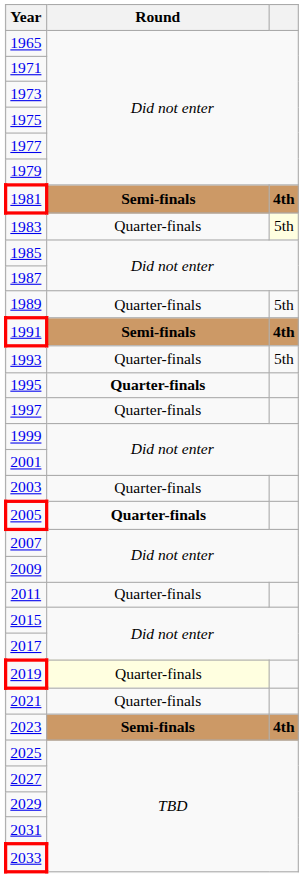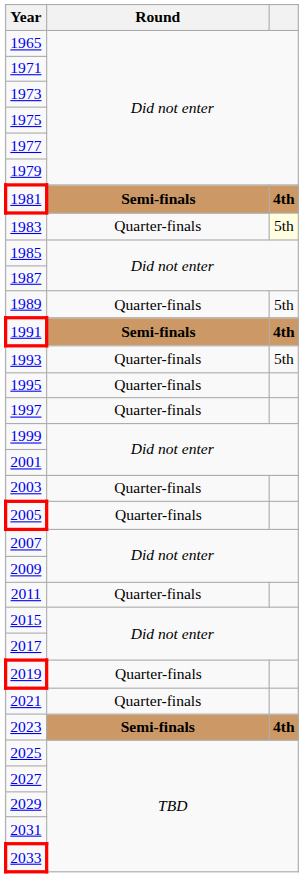 <table class="wikitable" style="text-align: center; font-size:90%">
 <tr>
 <th>Year</th>
 <th style="width:200px">Round</th>
 <th></th>
 </tr>
 <tr>
 <td><a href='#'>1965</a></td>
 <td colspan="2" rowspan="6"><em>Did not enter</em></td>
 </tr>
 <tr>
 <td><a href='#'>1971</a></td>
 </tr>
 <tr>
 <td><a href='#'>1973</a></td>
 </tr>
 <tr>
 <td><a href='#'>1975</a></td>
 </tr>
 <tr>
 <td><a href='#'>1977</a></td>
 </tr>
 <tr>
 <td><a href='#'>1979</a></td>
 </tr>
 <tr>
 <td style="border: 3px solid red"><a href='#'>1981</a></td>
 <td bgcolor="cc9966"><strong>Semi-finals</strong></td>
 <td bgcolor="cc9966"><strong>4th</strong></td>
 </tr>
 <tr>
 <td><a href='#'>1983</a></td>
 <td>Quarter-finals</td>
 <td style="background: lightyellow;">5th</td>
 </tr>
 <tr>
 <td><a href='#'>1985</a></td>
 <td colspan="2" rowspan="2"><em>Did not enter</em></td>
 </tr>
 <tr>
 <td><a href='#'>1987</a></td>
 </tr>
 <tr>
 <td><a href='#'>1989</a></td>
 <td>Quarter-finals</td>
 <td>5th</td>
 </tr>
 <tr>
 <td style="border: 3px solid red"><a href='#'>1991</a></td>
 <td bgcolor="cc9966"><strong>Semi-finals</strong></td>
 <td bgcolor="cc9966"><strong>4th</strong></td>
 </tr>
 <tr>
 <td><a href='#'>1993</a></td>
 <td>Quarter-finals</td>
 <td>5th</td>
 </tr>
 <tr>
 <td><a href='#'>1995</a></td>
-<td><strong>Quarter-finals</strong></td>
+<td>Quarter-finals</td>
 <td></td>
 </tr>
 <tr>
 <td><a href='#'>1997</a></td>
 <td>Quarter-finals</td>
 <td></td>
 </tr>
 <tr>
 <td><a href='#'>1999</a></td>
 <td colspan="2" rowspan="2"><em>Did not enter</em></td>
 </tr>
 <tr>
 <td><a href='#'>2001</a></td>
 </tr>
 <tr>
 <td><a href='#'>2003</a></td>
 <td>Quarter-finals</td>
 <td></td>
 </tr>
 <tr>
 <td style="border: 3px solid red"><a href='#'>2005</a></td>
-<td><strong>Quarter-finals</strong></td>
+<td>Quarter-finals</td>
 <td></td>
 </tr>
 <tr>
 <td><a href='#'>2007</a></td>
 <td colspan="2" rowspan="2"><em>Did not enter</em></td>
 </tr>
 <tr>
 <td><a href='#'>2009</a></td>
 </tr>
 <tr>
 <td><a href='#'>2011</a></td>
 <td>Quarter-finals</td>
 <td></td>
 </tr>
 <tr>
 <td><a href='#'>2015</a></td>
 <td colspan="2" rowspan="2"><em>Did not enter</em></td>
 </tr>
 <tr>
 <td><a href='#'>2017</a></td>
 </tr>
 <tr>
 <td style="border: 3px solid red"><a href='#'>2019</a></td>
-<td style="background: lightyellow;">Quarter-finals</td>
+<td>Quarter-finals</td>
 <td></td>
 </tr>
 <tr>
 <td><a href='#'>2021</a></td>
 <td>Quarter-finals</td>
 <td></td>
 </tr>
 <tr>
 <td><a href='#'>2023</a></td>
 <td bgcolor="cc9966"><strong>Semi-finals</strong></td>
 <td bgcolor="cc9966"><strong>4th</strong></td>
 </tr>
 <tr>
 <td><a href='#'>2025</a></td>
 <td colspan="2" rowspan="5"><em>TBD</em></td>
 </tr>
 <tr>
 <td><a href='#'>2027</a></td>
 </tr>
 <tr>
 <td><a href='#'>2029</a></td>
 </tr>
 <tr>
 <td><a href='#'>2031</a></td>
 </tr>
 <tr>
 <td style="border: 3px solid red"><a href='#'>2033</a></td>
 </tr>
 </table>
